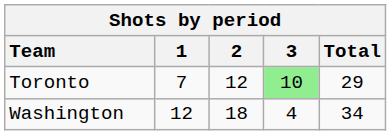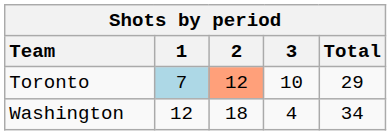 <table class="wikitable" style="width:20em; text-align:right;">
 <tr>
 <th colspan=6>Shots by period</th>
 </tr>
 <tr>
 <th style="width:8em; text-align:left;">Team</th>
 <th style="width:3em;">1</th>
 <th style="width:3em;">2</th>
 <th style="width:3em;">3</th>
 <th style="width:3em;">Total</th>
 </tr>
 <tr>
 <td style="text-align:left;">Toronto</td>
-<td align=center>7</td>
-<td align=center>12</td>
-<td align=center style="background: lightgreen;">10</td>
+<td align=center style="background: lightblue;">7</td>
+<td align=center style="background: lightsalmon;">12</td>
+<td align=center>10</td>
 <td align=center>29</td>
 </tr>
 <tr>
 <td style="text-align:left;">Washington</td>
 <td align=center>12</td>
 <td align=center>18</td>
 <td align=center>4</td>
 <td align=center>34</td>
 </tr>
 </table>
